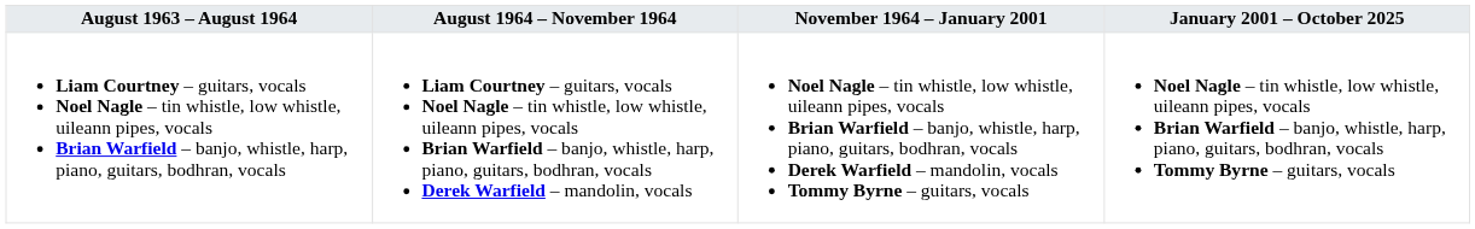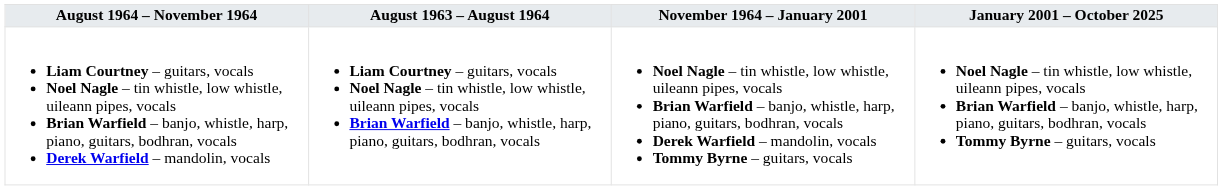 <table class="toccolours" border=1 cellpadding=2 cellspacing=0 style="float: width: 375px; margin: 0 0 1em 1em; border-collapse: collapse; border: 1px solid #E2E2E2;" width=99%>
 <tr>
+<th bgcolor="#E7EBEE" valign=top width=25%>August 1964 – November 1964</th>
 <th bgcolor="#E7EBEE" valign=top width=25%>August 1963 – August 1964</th>
-<th bgcolor="#E7EBEE" valign=top width=25%>August 1964 – November 1964</th>
 <th bgcolor="#E7EBEE" valign=top width=25%>November 1964 – January 2001</th>
 <th bgcolor="#E7EBEE" valign=top width=25%>January 2001 – October 2025</th>
 </tr>
 <tr>
+<td valign=top><br><ul><li><strong>Liam Courtney</strong> – guitars, vocals</li><li><strong>Noel Nagle</strong> – tin whistle, low whistle, uileann pipes, vocals</li><li><strong>Brian Warfield</strong> – banjo, whistle, harp, piano, guitars, bodhran, vocals</li><li><strong><a href='#'>Derek Warfield</a></strong> – mandolin, vocals</li></ul></td>
 <td valign=top><br><ul><li><strong>Liam Courtney</strong> – guitars, vocals</li><li><strong>Noel Nagle</strong> – tin whistle, low whistle, uileann pipes, vocals</li><li><strong><a href='#'>Brian Warfield</a></strong> – banjo, whistle, harp, piano, guitars, bodhran, vocals</li></ul></td>
-<td valign=top><br><ul><li><strong>Liam Courtney</strong> – guitars, vocals</li><li><strong>Noel Nagle</strong> – tin whistle, low whistle, uileann pipes, vocals</li><li><strong>Brian Warfield</strong> – banjo, whistle, harp, piano, guitars, bodhran, vocals</li><li><strong><a href='#'>Derek Warfield</a></strong> – mandolin, vocals</li></ul></td>
 <td valign=top><br><ul><li><strong>Noel Nagle</strong> – tin whistle, low whistle, uileann pipes, vocals</li><li><strong>Brian Warfield</strong> – banjo, whistle, harp, piano, guitars, bodhran, vocals</li><li><strong>Derek Warfield</strong> – mandolin, vocals</li><li><strong>Tommy Byrne</strong> – guitars, vocals</li></ul></td>
 <td valign=top><br><ul><li><strong>Noel Nagle</strong> – tin whistle, low whistle, uileann pipes, vocals</li><li><strong>Brian Warfield</strong> – banjo, whistle, harp, piano, guitars, bodhran, vocals</li><li><strong>Tommy Byrne</strong> – guitars, vocals</li></ul></td>
 </tr>
 </table>
